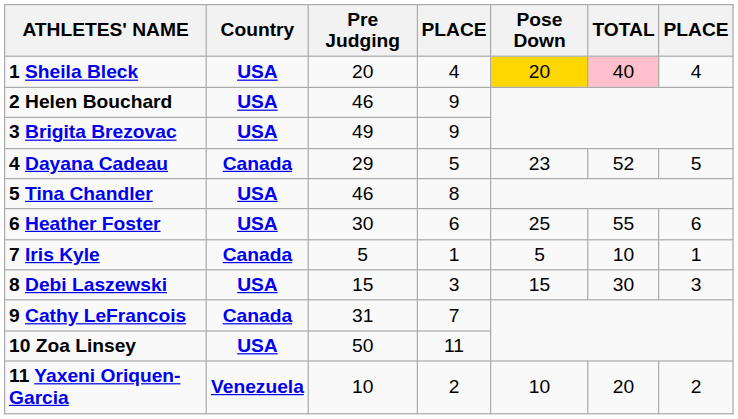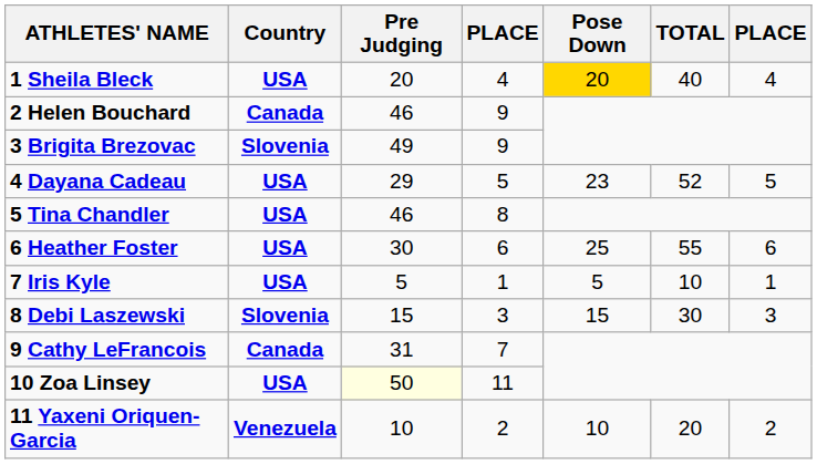 <table class="wikitable">
 <tr>
 <th>ATHLETES' NAME</th>
 <th>Country</th>
 <th>Pre Judging</th>
 <th>PLACE</th>
 <th>Pose Down</th>
 <th>TOTAL</th>
 <th>PLACE</th>
 </tr>
 <tr>
 <td><strong>1 <a href='#'>Sheila Bleck</a></strong></td>
 <td style="text-align: center"> <strong><a href='#'>USA</a></strong></td>
 <td style="text-align: center">20</td>
 <td style="text-align: center">4</td>
 <td style="background: gold; text-align: center">20</td>
-<td style="background: pink; text-align: center">40</td>
+<td style="text-align: center">40</td>
 <td style="text-align: center">4</td>
 </tr>
 <tr>
 <td><strong>2 Helen Bouchard</strong></td>
-<td style="text-align: center"> <strong><a href='#'>USA</a></strong></td>
+<td style="text-align: center"> <strong><a href='#'>Canada</a></strong></td>
 <td style="text-align: center">46</td>
 <td style="text-align: center">9</td>
 </tr>
 <tr>
 <td><strong>3 <a href='#'>Brigita Brezovac</a></strong></td>
-<td style="text-align: center"> <strong><a href='#'>USA</a></strong></td>
+<td style="text-align: center"> <strong><a href='#'>Slovenia</a></strong></td>
 <td style="text-align: center">49</td>
 <td style="text-align: center">9</td>
 </tr>
 <tr>
 <td><strong>4 <a href='#'>Dayana Cadeau</a></strong></td>
-<td style="text-align: center"> <strong><a href='#'>Canada</a></strong></td>
+<td style="text-align: center"> <strong><a href='#'>USA</a></strong></td>
 <td style="text-align: center">29</td>
 <td style="text-align: center">5</td>
 <td style="text-align: center">23</td>
 <td style="text-align: center">52</td>
 <td style="text-align: center">5</td>
 </tr>
 <tr>
 <td><strong>5 <a href='#'>Tina Chandler</a></strong></td>
 <td style="text-align: center"> <strong><a href='#'>USA</a></strong></td>
 <td style="text-align: center">46</td>
 <td style="text-align: center">8</td>
 </tr>
 <tr>
 <td><strong>6 <a href='#'>Heather Foster</a></strong></td>
 <td style="text-align: center"> <strong><a href='#'>USA</a></strong></td>
 <td style="text-align: center">30</td>
 <td style="text-align: center">6</td>
 <td style="text-align: center">25</td>
 <td style="text-align: center">55</td>
 <td style="text-align: center">6</td>
 </tr>
 <tr>
 <td><strong>7 <a href='#'>Iris Kyle</a></strong></td>
-<td style="text-align: center"> <strong><a href='#'>Canada</a></strong></td>
+<td style="text-align: center"> <strong><a href='#'>USA</a></strong></td>
 <td style="text-align: center">5</td>
 <td style="text-align: center">1</td>
 <td style="text-align: center">5</td>
 <td style="text-align: center">10</td>
 <td style="text-align: center">1</td>
 </tr>
 <tr>
 <td><strong>8 <a href='#'>Debi Laszewski</a></strong></td>
-<td style="text-align: center"> <strong><a href='#'>USA</a></strong></td>
+<td style="text-align: center"> <strong><a href='#'>Slovenia</a></strong></td>
 <td style="text-align: center">15</td>
 <td style="text-align: center">3</td>
 <td style="text-align: center">15</td>
 <td style="text-align: center">30</td>
 <td style="text-align: center">3</td>
 </tr>
 <tr>
 <td><strong>9 <a href='#'>Cathy LeFrancois</a></strong></td>
 <td style="text-align: center"> <strong><a href='#'>Canada</a></strong></td>
 <td style="text-align: center">31</td>
 <td style="text-align: center">7</td>
 </tr>
 <tr>
 <td><strong>10 Zoa Linsey</strong></td>
 <td style="text-align: center"> <strong><a href='#'>USA</a></strong></td>
-<td style="text-align: center">50</td>
+<td style="background: lightyellow; text-align: center">50</td>
 <td style="text-align: center">11</td>
 </tr>
 <tr>
 <td><strong>11 <a href='#'>Yaxeni Oriquen-Garcia</a></strong></td>
 <td style="text-align: center"> <strong><a href='#'>Venezuela</a></strong></td>
 <td style="text-align: center">10</td>
 <td style="text-align: center">2</td>
 <td style="text-align: center">10</td>
 <td style="text-align: center">20</td>
 <td style="text-align: center">2</td>
 </tr>
 </table>
